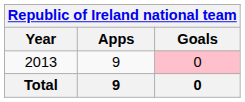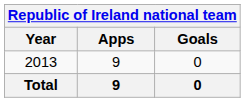 <table class="wikitable" style="text-align:center">
 <tr>
 <th colspan="3"><a href='#'>Republic of Ireland national team</a></th>
 </tr>
 <tr>
 <th>Year</th>
 <th>Apps</th>
 <th>Goals</th>
 </tr>
 <tr>
 <td>2013</td>
 <td>9</td>
-<td style="background: pink;">0</td>
+<td>0</td>
 </tr>
 <tr>
 <th>Total</th>
 <th>9</th>
 <th>0</th>
 </tr>
 </table>
